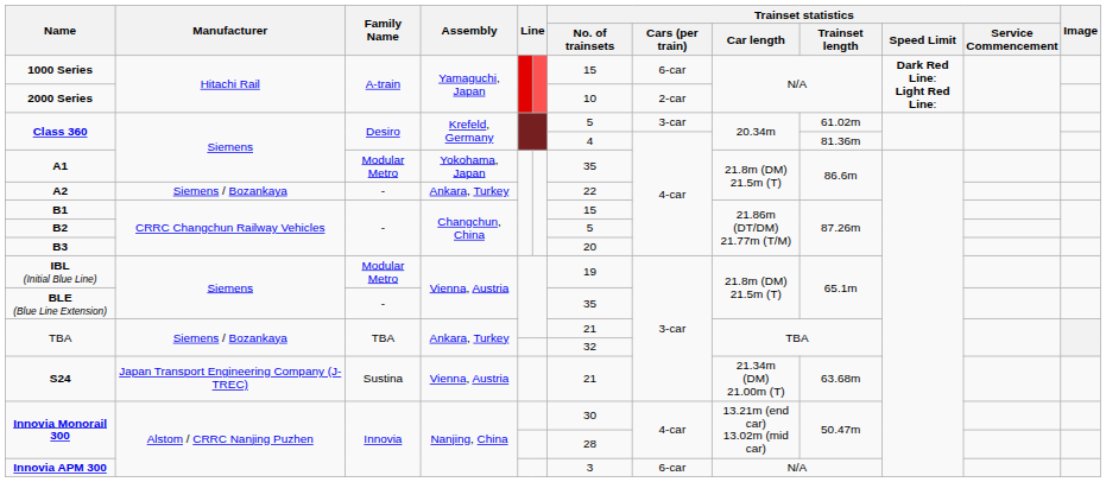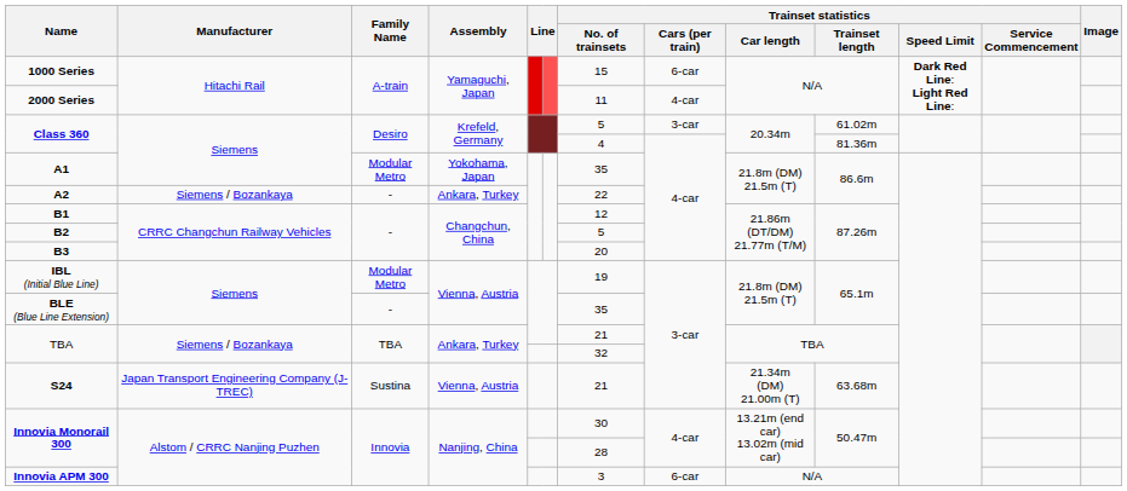 <table class="wikitable" style="margin:auto;font-align:center;text-align:center;font-size:85%;">
 <tr>
 <th rowspan="2">Name</th>
 <th rowspan="2">Manufacturer</th>
 <th rowspan="2">Family Name</th>
 <th rowspan="2">Assembly</th>
 <th colspan="2" rowspan="2">Line</th>
 <th colspan="6">Trainset statistics</th>
 <th rowspan="2">Image</th>
 </tr>
 <tr>
 <th>No. of trainsets</th>
 <th>Cars (per train)</th>
 <th>Car length</th>
 <th>Trainset length</th>
 <th>Speed Limit</th>
 <th>Service<br>Commencement</th>
 </tr>
 <tr>
 <td><strong>1000 Series</strong></td>
 <td rowspan="2"> <a href='#'>Hitachi Rail</a></td>
 <td rowspan="2"><a href='#'>A-train</a></td>
 <td rowspan="2"><a href='#'>Yamaguchi</a>, <a href='#'>Japan</a></td>
 <td rowspan="2" style="background:#E20101"><strong><a href='#'></a></strong></td>
 <td rowspan="2" style="background:#FD5252"><strong><a href='#'></a></strong></td>
 <td>15</td>
 <td>6-car</td>
 <td colspan="2" rowspan="2">N/A</td>
 <td rowspan="2"><strong>Dark Red Line</strong>: <br><strong>Light Red Line</strong>: </td>
 <td rowspan="2"></td>
 <td></td>
 </tr>
 <tr>
 <td><strong>2000 Series</strong></td>
-<td>10</td>
-<td>2-car</td>
+<td>11</td>
+<td>4-car</td>
 <td></td>
 </tr>
 <tr>
 <td rowspan="2"><a href='#'><strong>Class 360</strong></a></td>
 <td rowspan="3"> <a href='#'>Siemens</a></td>
 <td rowspan="2"><a href='#'>Desiro</a></td>
 <td rowspan="2"><a href='#'>Krefeld</a>, <a href='#'>Germany</a></td>
 <td colspan="2" rowspan="2" style="background:#761f21 "><strong><a href='#'></a></strong></td>
 <td>5</td>
 <td>3-car</td>
 <td rowspan="2">20.34m</td>
 <td>61.02m</td>
 <td rowspan="2"></td>
 <td rowspan="2"></td>
 <td></td>
 </tr>
 <tr>
 <td>4</td>
 <td rowspan="6">4-car</td>
 <td>81.36m</td>
 <td></td>
 </tr>
 <tr>
 <td><strong>A1</strong></td>
 <td><a href='#'>Modular Metro</a></td>
 <td><a href='#'>Yokohama</a>, <a href='#'>Japan</a></td>
 <td rowspan="5" style="background:#"><strong><a href='#'></a></strong></td>
 <td rowspan="5" style="background:#"><strong><a href='#'></a></strong></td>
 <td>35</td>
 <td rowspan="2">21.8m (DM)<br>21.5m (T)</td>
 <td rowspan="2">86.6m</td>
 <td rowspan="13"></td>
 <td></td>
 <td></td>
 </tr>
 <tr>
 <td><strong>A2</strong></td>
 <td> <a href='#'>Siemens</a> /  <a href='#'>Bozankaya</a></td>
 <td>-</td>
 <td><a href='#'>Ankara</a>, <a href='#'>Turkey</a></td>
 <td>22</td>
 <td></td>
 <td></td>
 </tr>
 <tr>
 <td><strong>B1</strong></td>
 <td rowspan="3"> <a href='#'>CRRC Changchun Railway Vehicles</a></td>
 <td rowspan="3">-</td>
 <td rowspan="3"><a href='#'>Changchun</a>, <a href='#'>China</a></td>
-<td>15</td>
+<td>12</td>
 <td rowspan="3">21.86m<br>(DT/DM)<br>21.77m (T/M)</td>
 <td rowspan="3">87.26m</td>
 <td></td>
 <td rowspan="2"></td>
 </tr>
 <tr>
 <td><strong>B2</strong></td>
 <td>5</td>
 <td></td>
 </tr>
 <tr>
 <td><strong>B3</strong></td>
 <td>20</td>
 <td></td>
 <td></td>
 </tr>
 <tr>
 <td><strong>IBL</strong><br><small><em>(Initial Blue Line)</em></small></td>
 <td rowspan="2"> <a href='#'>Siemens</a></td>
 <td><a href='#'>Modular Metro</a></td>
 <td rowspan="2"><a href='#'>Vienna</a>, <a href='#'>Austria</a></td>
 <td colspan="2" rowspan="3" style="background:#"><strong><a href='#'></a></strong></td>
 <td>19</td>
 <td rowspan="5">3-car</td>
 <td rowspan="2">21.8m (DM)<br>21.5m (T)</td>
 <td rowspan="2">65.1m</td>
 <td></td>
 <td></td>
 </tr>
 <tr>
 <td><strong>BLE</strong><br><small><em>(Blue Line Extension)</em></small></td>
 <td>-</td>
 <td>35</td>
 <td></td>
 <td></td>
 </tr>
 <tr>
 <td rowspan="2"><abbr>TBA</abbr></td>
 <td rowspan="2"> <a href='#'>Siemens</a> /  <a href='#'>Bozankaya</a></td>
 <td rowspan="2"><abbr>TBA</abbr></td>
 <td rowspan="2"><a href='#'>Ankara</a>, <a href='#'>Turkey</a></td>
 <td>21</td>
 <td colspan="2" rowspan="2"><abbr>TBA</abbr></td>
 <td rowspan="2"></td>
 <th rowspan="2"></th>
 </tr>
 <tr>
 <td colspan="2" style="background:#"><strong><a href='#'></a></strong></td>
 <td>32</td>
 </tr>
 <tr>
 <td><strong>S24</strong></td>
 <td> <a href='#'>Japan Transport Engineering Company (J-TREC)</a></td>
 <td>Sustina</td>
 <td><a href='#'>Vienna</a>, <a href='#'>Austria</a></td>
 <td colspan="2" style="background:#"><strong><a href='#'></a></strong></td>
 <td>21</td>
 <td>21.34m<br>(DM)<br>21.00m (T)</td>
 <td>63.68m</td>
 <td></td>
 <td></td>
 </tr>
 <tr>
 <td rowspan="2"><a href='#'><strong>Innovia Monorail 300</strong></a></td>
 <td rowspan="3"> <a href='#'>Alstom</a> /  <a href='#'>CRRC Nanjing Puzhen</a></td>
 <td rowspan="3"><a href='#'>Innovia</a></td>
 <td rowspan="3"><a href='#'>Nanjing</a>, <a href='#'>China</a></td>
 <td colspan="2" style="background:#"><strong><a href='#'></a></strong></td>
 <td>30</td>
 <td rowspan="2">4-car</td>
 <td rowspan="2">13.21m (end car)<br>13.02m (mid car)</td>
 <td rowspan="2">50.47m</td>
 <td></td>
 <td></td>
 </tr>
 <tr>
 <td colspan="2" style="background:#"><strong><a href='#'></a></strong></td>
 <td>28</td>
 <td></td>
 <td></td>
 </tr>
 <tr>
 <td><a href='#'><strong>Innovia APM 300</strong></a></td>
 <td colspan="2" style="background:#"><strong><a href='#'></a></strong></td>
 <td>3</td>
 <td>6-car</td>
 <td colspan="2">N/A</td>
 <td></td>
 <td></td>
 </tr>
 </table>
